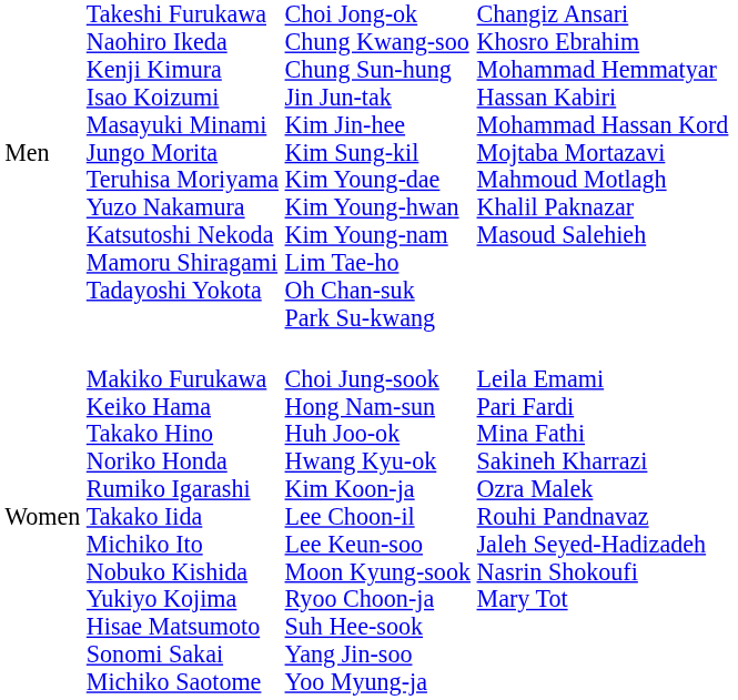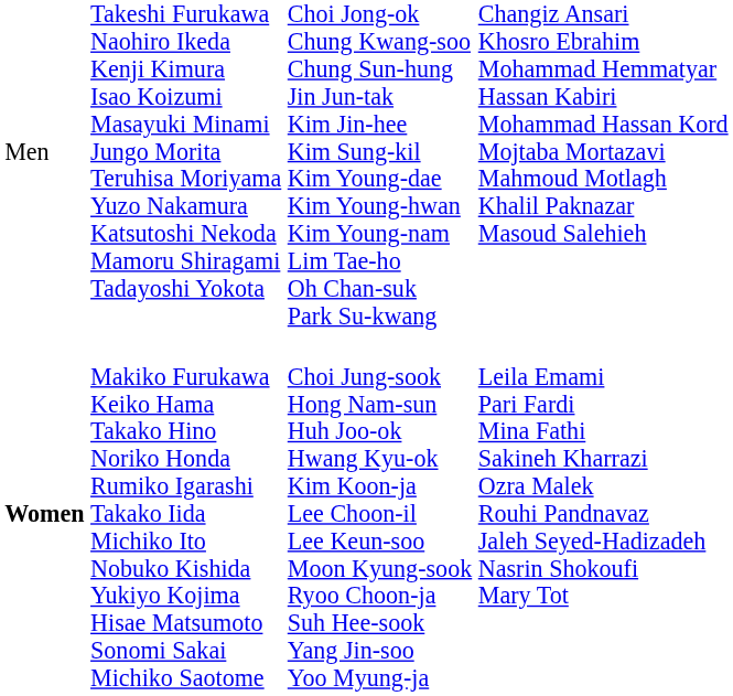 <table>
 <tr>
 <td>Men<br></td>
 <td valign=top><br><a href='#'>Takeshi Furukawa</a><br><a href='#'>Naohiro Ikeda</a><br><a href='#'>Kenji Kimura</a><br><a href='#'>Isao Koizumi</a><br><a href='#'>Masayuki Minami</a><br><a href='#'>Jungo Morita</a><br><a href='#'>Teruhisa Moriyama</a><br><a href='#'>Yuzo Nakamura</a><br><a href='#'>Katsutoshi Nekoda</a><br><a href='#'>Mamoru Shiragami</a><br><a href='#'>Tadayoshi Yokota</a></td>
 <td><br><a href='#'>Choi Jong-ok</a><br><a href='#'>Chung Kwang-soo</a><br><a href='#'>Chung Sun-hung</a><br><a href='#'>Jin Jun-tak</a><br><a href='#'>Kim Jin-hee</a><br><a href='#'>Kim Sung-kil</a><br><a href='#'>Kim Young-dae</a><br><a href='#'>Kim Young-hwan</a><br><a href='#'>Kim Young-nam</a><br><a href='#'>Lim Tae-ho</a><br><a href='#'>Oh Chan-suk</a><br><a href='#'>Park Su-kwang</a></td>
 <td valign=top><br><a href='#'>Changiz Ansari</a><br><a href='#'>Khosro Ebrahim</a><br><a href='#'>Mohammad Hemmatyar</a><br><a href='#'>Hassan Kabiri</a><br><a href='#'>Mohammad Hassan Kord</a><br><a href='#'>Mojtaba Mortazavi</a><br><a href='#'>Mahmoud Motlagh</a><br><a href='#'>Khalil Paknazar</a><br><a href='#'>Masoud Salehieh</a></td>
 </tr>
 <tr>
-<td>Women<br></td>
+<td><strong>Women<br></strong></td>
 <td><br><a href='#'>Makiko Furukawa</a><br><a href='#'>Keiko Hama</a><br><a href='#'>Takako Hino</a><br><a href='#'>Noriko Honda</a><br><a href='#'>Rumiko Igarashi</a><br><a href='#'>Takako Iida</a><br><a href='#'>Michiko Ito</a><br><a href='#'>Nobuko Kishida</a><br><a href='#'>Yukiyo Kojima</a><br><a href='#'>Hisae Matsumoto</a><br><a href='#'>Sonomi Sakai</a><br><a href='#'>Michiko Saotome</a></td>
 <td><br><a href='#'>Choi Jung-sook</a><br><a href='#'>Hong Nam-sun</a><br><a href='#'>Huh Joo-ok</a><br><a href='#'>Hwang Kyu-ok</a><br><a href='#'>Kim Koon-ja</a><br><a href='#'>Lee Choon-il</a><br><a href='#'>Lee Keun-soo</a><br><a href='#'>Moon Kyung-sook</a><br><a href='#'>Ryoo Choon-ja</a><br><a href='#'>Suh Hee-sook</a><br><a href='#'>Yang Jin-soo</a><br><a href='#'>Yoo Myung-ja</a></td>
 <td valign=top><br><a href='#'>Leila Emami</a><br><a href='#'>Pari Fardi</a><br><a href='#'>Mina Fathi</a><br><a href='#'>Sakineh Kharrazi</a><br><a href='#'>Ozra Malek</a><br><a href='#'>Rouhi Pandnavaz</a><br><a href='#'>Jaleh Seyed-Hadizadeh</a><br><a href='#'>Nasrin Shokoufi</a><br><a href='#'>Mary Tot</a></td>
 </tr>
 </table>
